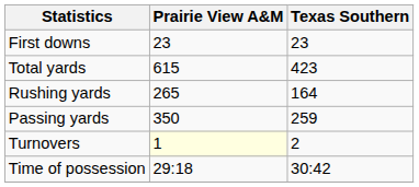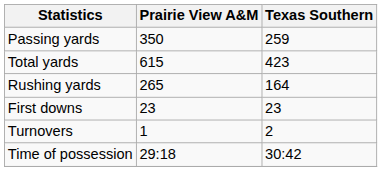 <table class="wikitable">
 <tr>
 <th>Statistics</th>
 <th>Prairie View A&M</th>
 <th>Texas Southern</th>
 </tr>
 <tr>
-<td>First downs</td>
-<td>23</td>
-<td>23</td>
+<td>Passing yards</td>
+<td>350</td>
+<td>259</td>
 </tr>
 <tr>
 <td>Total yards</td>
 <td>615</td>
 <td>423</td>
 </tr>
 <tr>
 <td>Rushing yards</td>
 <td>265</td>
 <td>164</td>
 </tr>
 <tr>
-<td>Passing yards</td>
-<td>350</td>
-<td>259</td>
+<td>First downs</td>
+<td>23</td>
+<td>23</td>
 </tr>
 <tr>
 <td>Turnovers</td>
-<td style="background: lightyellow;">1</td>
+<td>1</td>
 <td>2</td>
 </tr>
 <tr>
 <td>Time of possession</td>
 <td>29:18</td>
 <td>30:42</td>
 </tr>
 <tr>
 </tr>
 </table>
